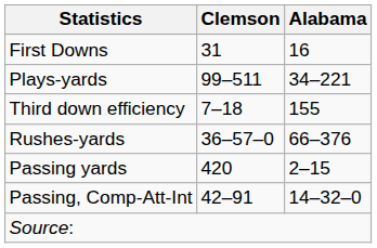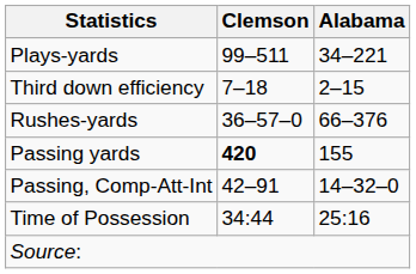 <table class="wikitable">
 <tr>
 <th>Statistics</th>
 <th>Clemson</th>
 <th>Alabama</th>
-</tr>
-<tr>
-<td>First Downs</td>
-<td>31</td>
-<td>16</td>
 </tr>
 <tr>
 <td>Plays-yards</td>
 <td>99–511</td>
 <td>34–221</td>
 </tr>
 <tr>
 <td>Third down efficiency</td>
 <td>7–18</td>
-<td>155</td>
+<td>2–15</td>
 </tr>
 <tr>
 <td>Rushes-yards</td>
 <td>36–57–0</td>
 <td>66–376</td>
 </tr>
 <tr>
 <td>Passing yards</td>
-<td>420</td>
-<td>2–15</td>
+<td><strong>420</strong></td>
+<td>155</td>
 </tr>
 <tr>
 <td>Passing, Comp-Att-Int</td>
 <td>42–91</td>
 <td>14–32–0</td>
 </tr>
 <tr>
+<td>Time of Possession</td>
+<td>34:44</td>
+<td>25:16</td>
+</tr>
+<tr>
 <td colspan=3><em>Source</em>: </td>
 </tr>
 </table>
